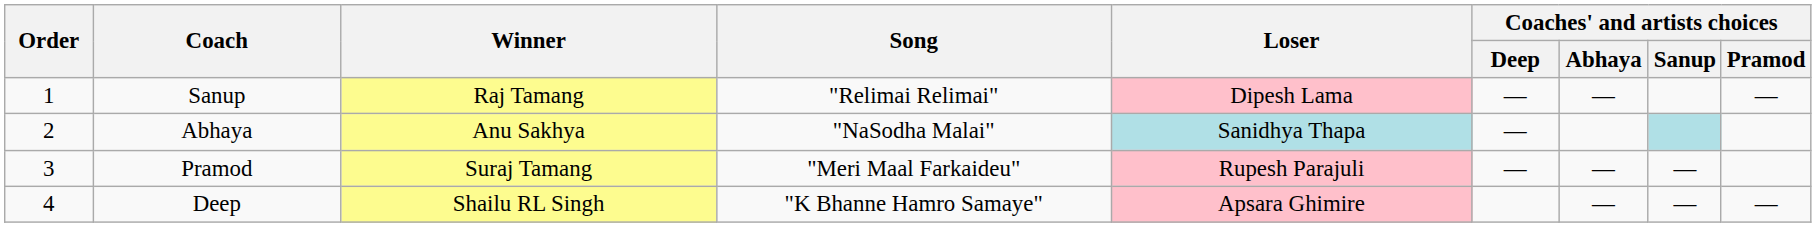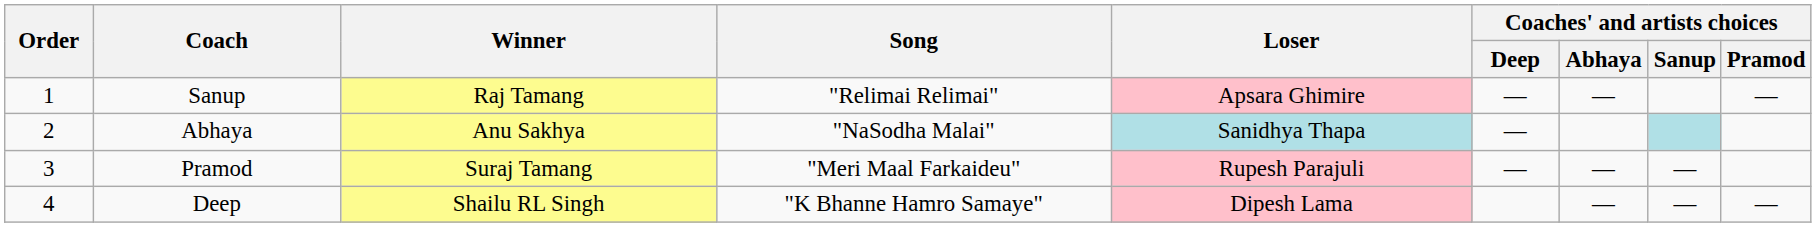 <table class="wikitable plainrowheaders" style="text-align:center; width:100%;">
 <tr>
 <th scope="col" style="width:05%;" rowspan="2">Order</th>
 <th scope="col" style="width:15%;" rowspan="2">Coach</th>
 <th scope="col" style="width:23%;" rowspan="2">Winner</th>
 <th scope="col" style="width:24%;" rowspan="2">Song</th>
 <th scope="col" style="width:22%;" rowspan="2">Loser</th>
 <th scope="col" style="width:20%;" colspan="4">Coaches' and artists choices</th>
 </tr>
 <tr>
 <th scope="col" style="width:05%;">Deep</th>
 <th scope="col" style="width:05%;">Abhaya</th>
 <th scope="col" style="width:05%;">Sanup</th>
 <th scope="col" style="width:05%;">Pramod</th>
 </tr>
 <tr>
 <td scope="row">1</td>
 <td>Sanup</td>
 <td style="background:#fdfc8f;text-align:center;">Raj Tamang</td>
 <td>"Relimai Relimai"</td>
-<td style="background:pink;text-align:center;">Dipesh Lama</td>
+<td style="background:pink;text-align:center;">Apsara Ghimire</td>
 <td>—</td>
 <td>—</td>
 <td></td>
 <td>—</td>
 </tr>
 <tr>
 <td scope="row">2</td>
 <td>Abhaya</td>
 <td style="background:#fdfc8f;text-align:center;">Anu Sakhya</td>
 <td>"NaSodha Malai"</td>
 <td style="background:#b0e0e6;text-align:center;">Sanidhya Thapa</td>
 <td>—</td>
 <td></td>
 <td style="background:#b0e0e6;text-align:center;"><strong></strong></td>
 <td><strong></strong></td>
 </tr>
 <tr>
 <td scope="row">3</td>
 <td>Pramod</td>
 <td style="background:#fdfc8f;text-align:center;">Suraj Tamang</td>
 <td>"Meri Maal Farkaideu"</td>
 <td style="background:pink;text-align:center;">Rupesh Parajuli</td>
 <td>—</td>
 <td>—</td>
 <td>—</td>
 <td></td>
 </tr>
 <tr>
 <td scope="row">4</td>
 <td>Deep</td>
 <td style="background:#fdfc8f;text-align:center;">Shailu RL Singh</td>
 <td>"K Bhanne Hamro Samaye"</td>
-<td style="background:pink;text-align:center;">Apsara Ghimire</td>
+<td style="background:pink;text-align:center;">Dipesh Lama</td>
 <td></td>
 <td>—</td>
 <td>—</td>
 <td>—</td>
 </tr>
 </table>
